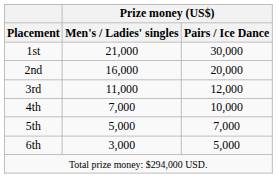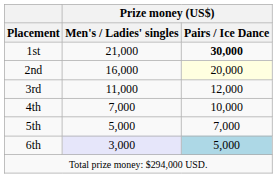 <table class="wikitable" style="text-align:center">
 <tr>
 <th></th>
 <th colspan=2>Prize money (US$)</th>
 </tr>
 <tr>
 <th>Placement</th>
 <th>Men's / Ladies' singles</th>
 <th>Pairs / Ice Dance</th>
 </tr>
 <tr>
 <td>1st</td>
 <td>21,000</td>
-<td>30,000</td>
+<td><strong>30,000</strong></td>
 </tr>
 <tr>
 <td>2nd</td>
 <td>16,000</td>
-<td>20,000</td>
+<td style="background: lightyellow;">20,000</td>
 </tr>
 <tr>
 <td>3rd</td>
 <td>11,000</td>
 <td>12,000</td>
 </tr>
 <tr>
 <td>4th</td>
 <td>7,000</td>
 <td>10,000</td>
 </tr>
 <tr>
 <td>5th</td>
 <td>5,000</td>
 <td>7,000</td>
 </tr>
 <tr>
 <td>6th</td>
-<td>3,000</td>
-<td>5,000</td>
+<td style="background: lavender;">3,000</td>
+<td style="background: lightblue;">5,000</td>
 </tr>
 <tr>
 <td colspan="3" align="center"><small> Total prize money: $294,000 USD. </small></td>
 </tr>
 </table>
